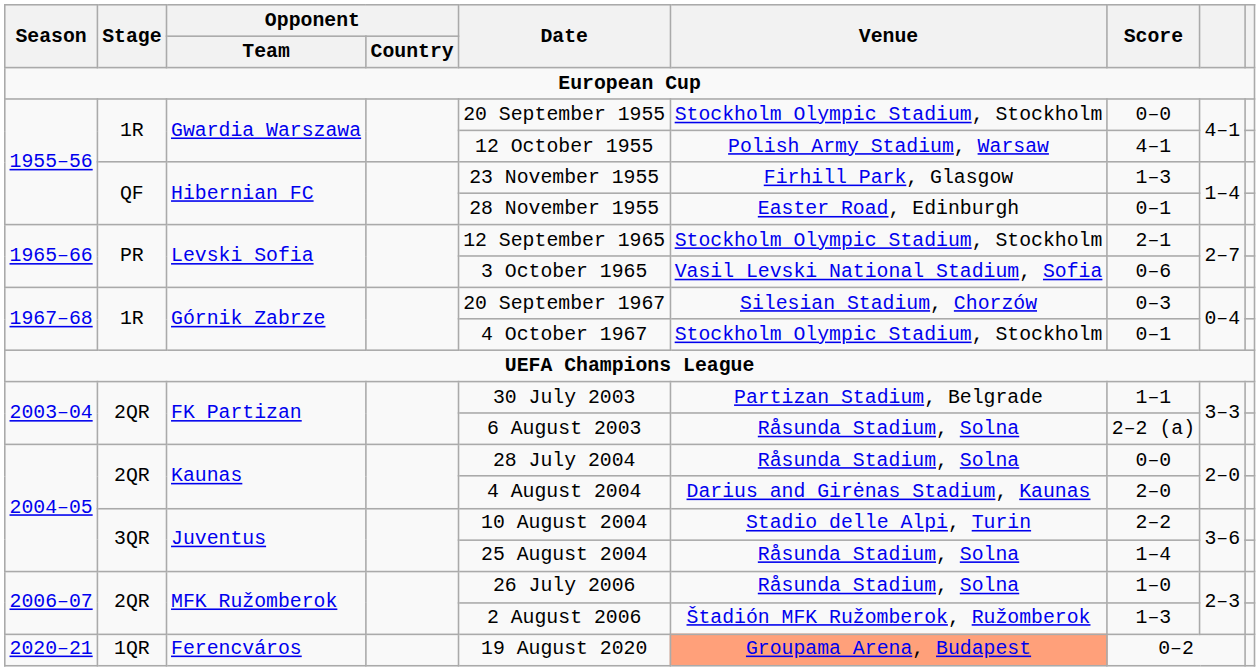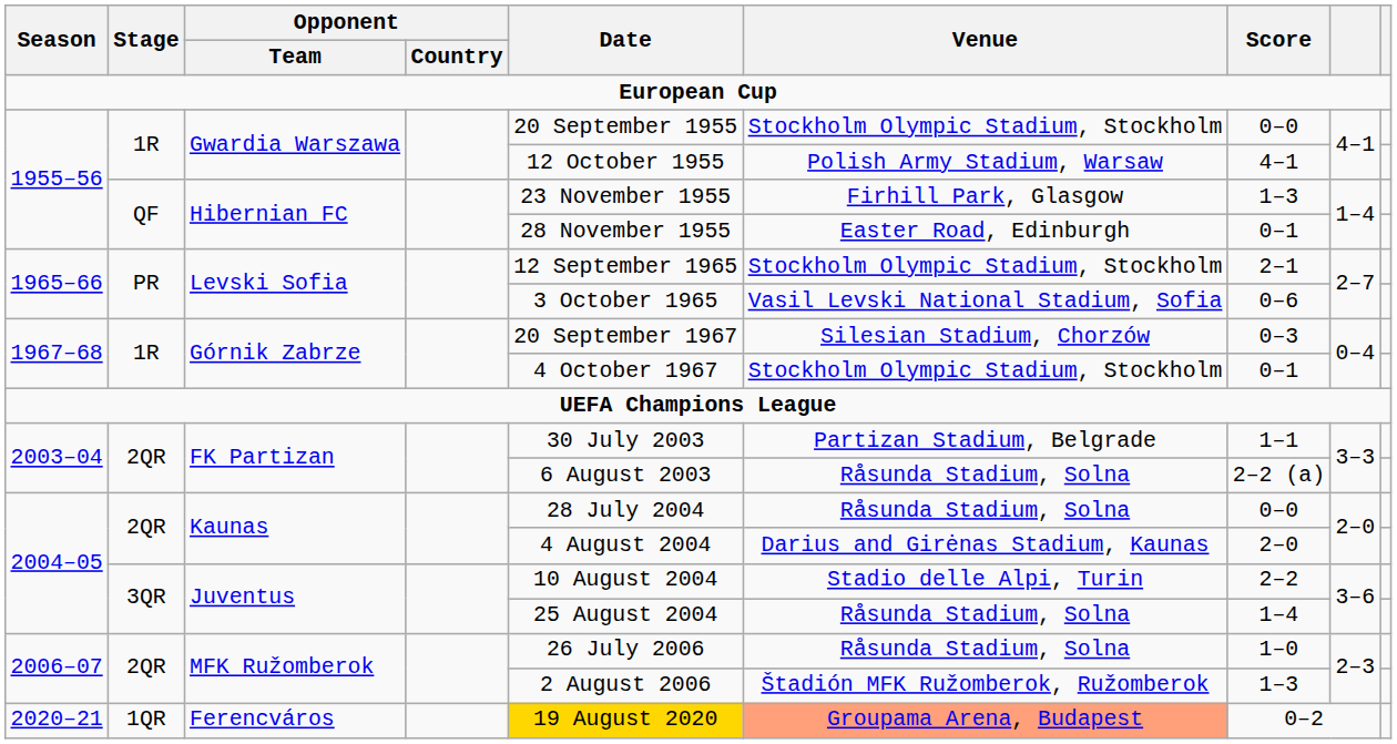 <table class="wikitable" style="text-align: center; font-size: 97%;">
 <tr>
 <th rowspan=2>Season</th>
 <th rowspan=2>Stage</th>
 <th scope="col" colspan=2>Opponent</th>
 <th scope="col" rowspan=2>Date</th>
 <th scope="col" rowspan=2>Venue</th>
 <th scope="col" rowspan=2>Score</th>
 <th scope="col" rowspan=2></th>
 <th scope="col" rowspan=2></th>
 </tr>
 <tr>
 <th scope="col">Team</th>
 <th scope="col">Country</th>
 </tr>
 <tr>
 <td colspan="9" style="text-align:center;"><strong>European Cup</strong></td>
 </tr>
 <tr>
 <td rowspan=4><a href='#'>1955–56</a></td>
 <td rowspan=2>1R</td>
 <td rowspan=2 align=left><a href='#'>Gwardia Warszawa</a></td>
 <td rowspan=2 align=left></td>
 <td>20 September 1955</td>
 <td><a href='#'>Stockholm Olympic Stadium</a>, Stockholm</td>
 <td>0–0</td>
 <td rowspan=2>4–1</td>
 <td></td>
 </tr>
 <tr>
 <td>12 October 1955</td>
 <td><a href='#'>Polish Army Stadium</a>, <a href='#'>Warsaw</a></td>
 <td>4–1</td>
 <td></td>
 </tr>
 <tr>
 <td rowspan=2>QF</td>
 <td rowspan=2 align=left><a href='#'>Hibernian FC</a></td>
 <td rowspan=2 align=left></td>
 <td>23 November 1955</td>
 <td><a href='#'>Firhill Park</a>, Glasgow</td>
 <td>1–3</td>
 <td rowspan=2>1–4</td>
 <td></td>
 </tr>
 <tr>
 <td>28 November 1955</td>
 <td><a href='#'>Easter Road</a>, Edinburgh</td>
 <td>0–1</td>
 <td></td>
 </tr>
 <tr>
 <td rowspan=2><a href='#'>1965–66</a></td>
 <td rowspan=2>PR</td>
 <td rowspan=2 align=left><a href='#'>Levski Sofia</a></td>
 <td rowspan=2 align=left></td>
 <td>12 September 1965</td>
 <td><a href='#'>Stockholm Olympic Stadium</a>, Stockholm</td>
 <td>2–1</td>
 <td rowspan=2>2–7</td>
 <td></td>
 </tr>
 <tr>
 <td>3 October 1965</td>
 <td><a href='#'>Vasil Levski National Stadium</a>, <a href='#'>Sofia</a></td>
 <td>0–6</td>
 <td></td>
 </tr>
 <tr>
 <td rowspan=2><a href='#'>1967–68</a></td>
 <td rowspan=2>1R</td>
 <td rowspan=2 align=left><a href='#'>Górnik Zabrze</a></td>
 <td rowspan=2 align=left></td>
 <td>20 September 1967</td>
 <td><a href='#'>Silesian Stadium</a>, <a href='#'>Chorzów</a></td>
 <td>0–3</td>
 <td rowspan=2>0–4</td>
 <td></td>
 </tr>
 <tr>
 <td>4 October 1967</td>
 <td><a href='#'>Stockholm Olympic Stadium</a>, Stockholm</td>
 <td>0–1</td>
 <td></td>
 </tr>
 <tr>
 <td colspan="9" style="text-align:center;"><strong>UEFA Champions League</strong></td>
 </tr>
 <tr>
 <td rowspan=2><a href='#'>2003–04</a></td>
 <td rowspan=2>2QR</td>
 <td rowspan=2 align=left><a href='#'>FK Partizan</a></td>
 <td rowspan=2 align=left></td>
 <td>30 July 2003</td>
 <td><a href='#'>Partizan Stadium</a>, Belgrade</td>
 <td>1–1</td>
 <td rowspan=2>3–3</td>
 <td></td>
 </tr>
 <tr>
 <td>6 August 2003</td>
 <td><a href='#'>Råsunda Stadium</a>, <a href='#'>Solna</a></td>
 <td>2–2 (a)</td>
 <td></td>
 </tr>
 <tr>
 <td rowspan=4><a href='#'>2004–05</a></td>
 <td rowspan=2>2QR</td>
 <td rowspan=2 align=left><a href='#'>Kaunas</a></td>
 <td rowspan=2 align=left></td>
 <td>28 July 2004</td>
 <td><a href='#'>Råsunda Stadium</a>, <a href='#'>Solna</a></td>
 <td>0–0</td>
 <td rowspan=2>2–0</td>
 <td></td>
 </tr>
 <tr>
 <td>4 August 2004</td>
 <td><a href='#'>Darius and Girėnas Stadium</a>, <a href='#'>Kaunas</a></td>
 <td>2–0</td>
 <td></td>
 </tr>
 <tr>
 <td rowspan=2>3QR</td>
 <td rowspan=2 align=left><a href='#'>Juventus</a></td>
 <td rowspan=2 align=left></td>
 <td>10 August 2004</td>
 <td><a href='#'>Stadio delle Alpi</a>, <a href='#'>Turin</a></td>
 <td>2–2</td>
 <td rowspan=2>3–6</td>
 <td></td>
 </tr>
 <tr>
 <td>25 August 2004</td>
 <td><a href='#'>Råsunda Stadium</a>, <a href='#'>Solna</a></td>
 <td>1–4</td>
 <td></td>
 </tr>
 <tr>
 <td rowspan=2><a href='#'>2006–07</a></td>
 <td rowspan=2>2QR</td>
 <td rowspan=2 align=left><a href='#'>MFK Ružomberok</a></td>
 <td rowspan=2 align=left></td>
 <td>26 July 2006</td>
 <td><a href='#'>Råsunda Stadium</a>, <a href='#'>Solna</a></td>
 <td>1–0</td>
 <td rowspan=2>2–3</td>
 <td></td>
 </tr>
 <tr>
 <td>2 August 2006</td>
 <td><a href='#'>Štadión MFK Ružomberok</a>, <a href='#'>Ružomberok</a></td>
 <td>1–3</td>
 <td></td>
 </tr>
 <tr>
 <td align=left><a href='#'>2020–21</a></td>
 <td rowspan=2>1QR</td>
 <td align=left><a href='#'>Ferencváros</a></td>
 <td align=left></td>
-<td>19 August 2020</td>
+<td style="background: gold;">19 August 2020</td>
 <td style="background: lightsalmon;"><a href='#'>Groupama Arena</a>, <a href='#'>Budapest</a></td>
 <td colspan="2">0–2</td>
 <td></td>
 </tr>
 </table>
